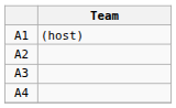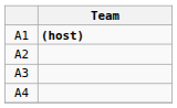 <table class="wikitable" style="display:inline-table;">
 <tr>
 <th width=30></th>
 <th width=140>Team</th>
 </tr>
 <tr>
 <td align=center>A1</td>
-<td> (host)</td>
+<td><strong> (host)</strong></td>
 </tr>
 <tr>
 <td align=center>A2</td>
 <td></td>
 </tr>
 <tr>
 <td align=center>A3</td>
 <td></td>
 </tr>
 <tr>
 <td align=center>A4</td>
 <td></td>
 </tr>
 <tr>
 </tr>
 </table>
